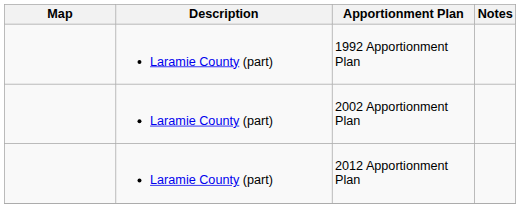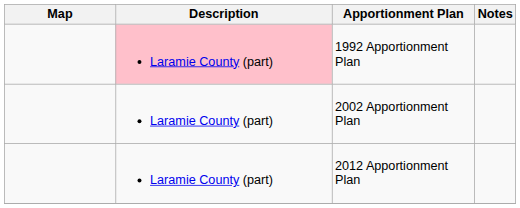 <table class="wikitable sortable">
 <tr>
 <th style="width:100pt;">Map</th>
 <th style="width:200pt;">Description</th>
 <th style="width:130pt;">Apportionment Plan</th>
 <th style="width:15pt;">Notes</th>
 </tr>
 <tr>
 <td></td>
-<td><br><ul><li><a href='#'>Laramie County</a> (part)</li></ul></td>
+<td style="background: pink;"><br><ul><li><a href='#'>Laramie County</a> (part)</li></ul></td>
 <td>1992 Apportionment Plan</td>
 <td></td>
 </tr>
 <tr>
 <td></td>
 <td><br><ul><li><a href='#'>Laramie County</a> (part)</li></ul></td>
 <td>2002 Apportionment Plan</td>
 <td></td>
 </tr>
 <tr>
 <td></td>
 <td><br><ul><li><a href='#'>Laramie County</a> (part)</li></ul></td>
 <td>2012 Apportionment Plan</td>
 <td></td>
 </tr>
 <tr>
 </tr>
 </table>
